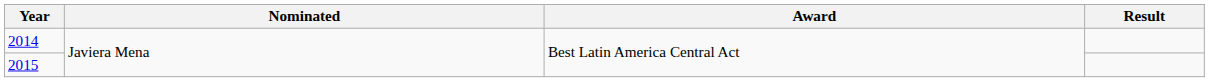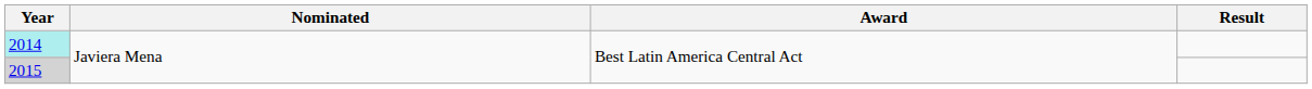 <table class="wikitable" style="width:100%;">
 <tr>
 <th width=5%>Year</th>
 <th style="width:40%;">Nominated</th>
 <th style="width:45%;">Award</th>
 <th style="width:10%;">Result</th>
 </tr>
 <tr>
-<td><a href='#'>2014</a></td>
+<td style="background: paleturquoise;"><a href='#'>2014</a></td>
 <td rowspan="2">Javiera Mena</td>
 <td rowspan="2">Best Latin America Central Act</td>
 <td></td>
 </tr>
 <tr>
-<td><a href='#'>2015</a></td>
+<td style="background: lightgrey;"><a href='#'>2015</a></td>
 <td></td>
 </tr>
 </table>
